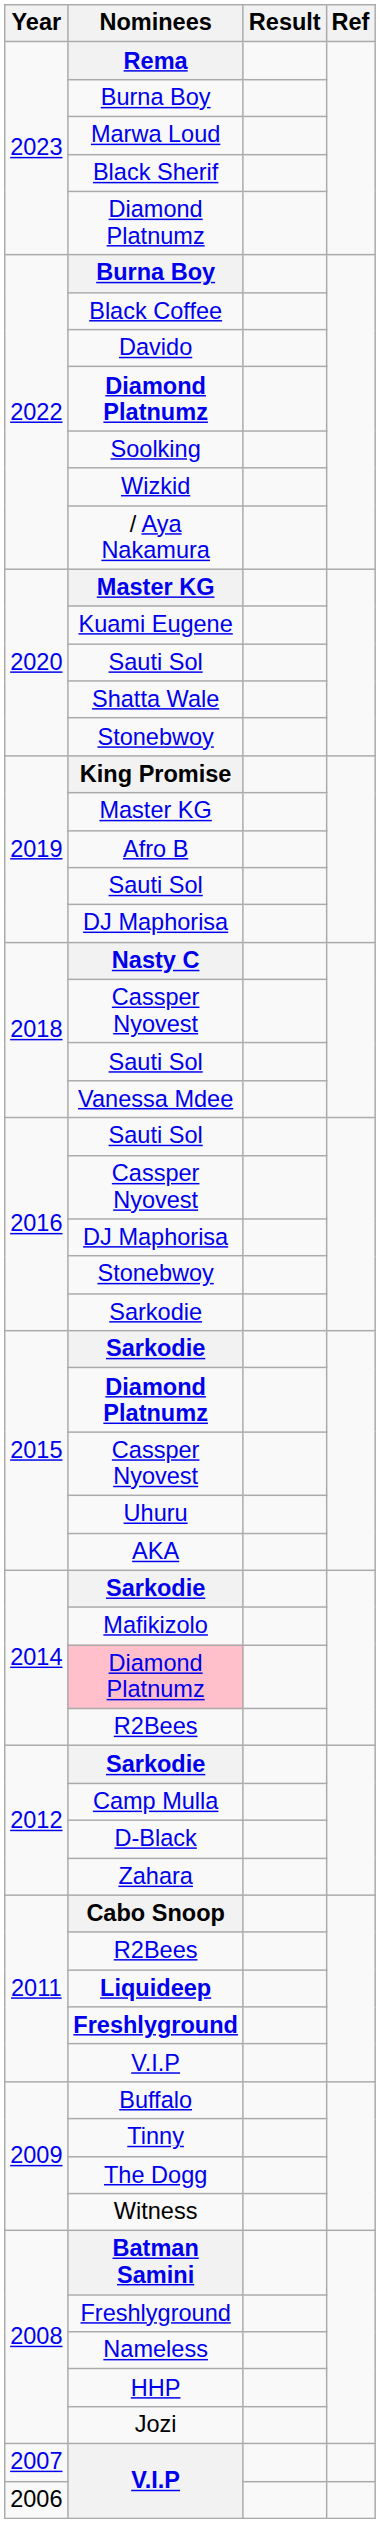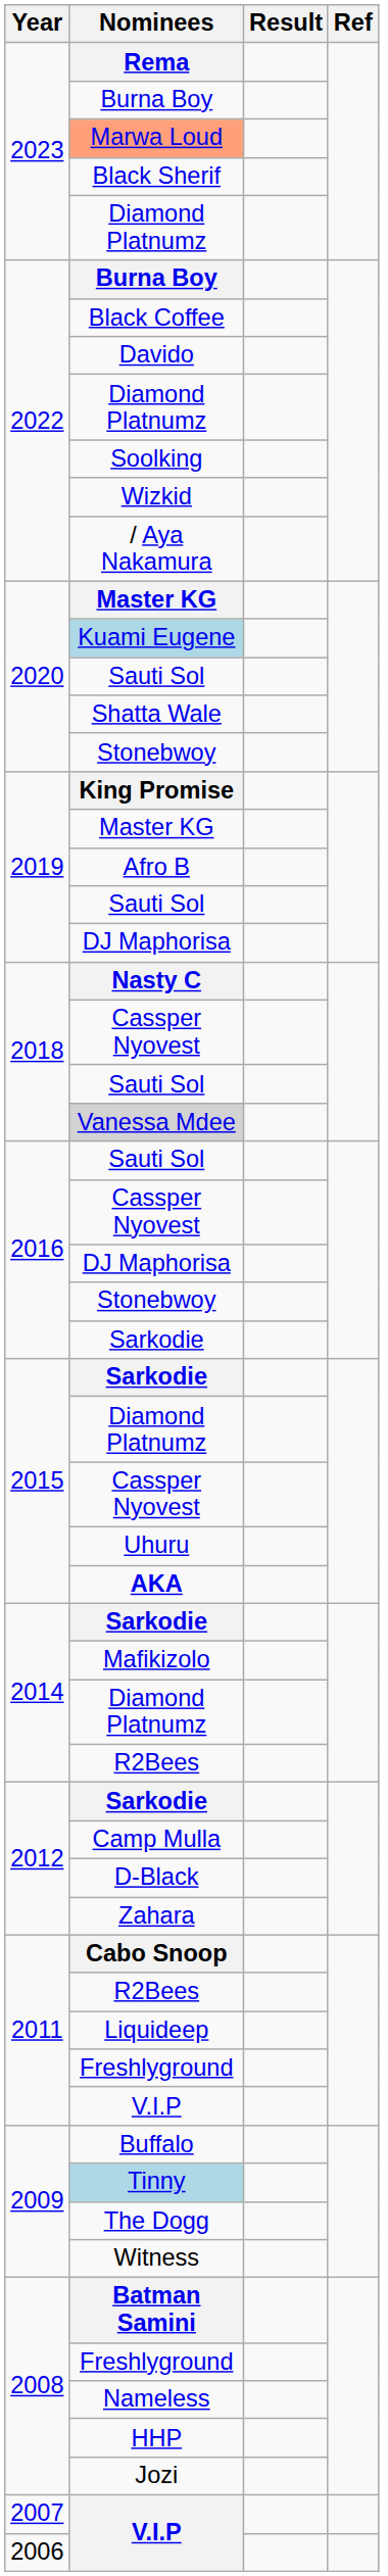 <table class="wikitable" style="text-align:center; width:40%;">
 <tr>
 <th>Year</th>
 <th>Nominees</th>
 <th>Result</th>
 <th>Ref</th>
 </tr>
 <tr>
 <td rowspan="5"><a href='#'>2023</a></td>
 <th> <a href='#'>Rema</a></th>
 <td></td>
 <td rowspan="5"></td>
 </tr>
 <tr>
 <td> <a href='#'>Burna Boy</a></td>
 <td></td>
 </tr>
 <tr>
-<td> <a href='#'>Marwa Loud</a></td>
+<td style="background: lightsalmon;"> <a href='#'>Marwa Loud</a></td>
 <td></td>
 </tr>
 <tr>
 <td> <a href='#'>Black Sherif</a></td>
 <td></td>
 </tr>
 <tr>
 <td> <a href='#'>Diamond Platnumz</a></td>
 <td></td>
 </tr>
 <tr>
 <td rowspan="7"><a href='#'>2022</a></td>
 <th> <a href='#'>Burna Boy</a></th>
 <td></td>
 <td rowspan="7"></td>
 </tr>
 <tr>
 <td> <a href='#'>Black Coffee</a></td>
 <td></td>
 </tr>
 <tr>
 <td> <a href='#'>Davido</a></td>
 <td></td>
 </tr>
 <tr>
-<td><strong> <a href='#'>Diamond Platnumz</a></strong></td>
+<td> <a href='#'>Diamond Platnumz</a></td>
 <td></td>
 </tr>
 <tr>
 <td> <a href='#'>Soolking</a></td>
 <td></td>
 </tr>
 <tr>
 <td> <a href='#'>Wizkid</a></td>
 <td></td>
 </tr>
 <tr>
 <td>/ <a href='#'>Aya Nakamura</a></td>
 <td></td>
 </tr>
 <tr>
 <td rowspan="5"><a href='#'>2020</a></td>
 <th> <a href='#'>Master KG</a></th>
 <td></td>
 <td rowspan="5"></td>
 </tr>
 <tr>
-<td> <a href='#'>Kuami Eugene</a></td>
+<td style="background: lightblue;"> <a href='#'>Kuami Eugene</a></td>
 <td></td>
 </tr>
 <tr>
 <td> <a href='#'>Sauti Sol</a></td>
 <td></td>
 </tr>
 <tr>
 <td> <a href='#'>Shatta Wale</a></td>
 <td></td>
 </tr>
 <tr>
 <td> <a href='#'>Stonebwoy</a></td>
 <td></td>
 </tr>
 <tr>
 <td rowspan="5"><a href='#'>2019</a></td>
 <th> King Promise</th>
 <td></td>
 <td rowspan="5"></td>
 </tr>
 <tr>
 <td> <a href='#'>Master KG</a></td>
 <td></td>
 </tr>
 <tr>
 <td> <a href='#'>Afro B</a></td>
 <td></td>
 </tr>
 <tr>
 <td> <a href='#'>Sauti Sol</a></td>
 <td></td>
 </tr>
 <tr>
 <td> <a href='#'>DJ Maphorisa</a></td>
 <td></td>
 </tr>
 <tr>
 <td rowspan="4"><a href='#'>2018</a></td>
 <th> <a href='#'>Nasty C</a></th>
 <td></td>
 <td rowspan="4"></td>
 </tr>
 <tr>
 <td> <a href='#'>Cassper Nyovest</a></td>
 <td></td>
 </tr>
 <tr>
 <td> <a href='#'>Sauti Sol</a></td>
 <td></td>
 </tr>
 <tr>
-<td> <a href='#'>Vanessa Mdee</a></td>
+<td style="background: lightgrey;"> <a href='#'>Vanessa Mdee</a></td>
 <td></td>
 </tr>
 <tr>
 <td rowspan="5"><a href='#'>2016</a></td>
 <td> <a href='#'>Sauti Sol</a></td>
 <td></td>
 <td rowspan="5"></td>
 </tr>
 <tr>
 <td> <a href='#'>Cassper Nyovest</a></td>
 <td></td>
 </tr>
 <tr>
 <td> <a href='#'>DJ Maphorisa</a></td>
 <td></td>
 </tr>
 <tr>
 <td> <a href='#'>Stonebwoy</a></td>
 <td></td>
 </tr>
 <tr>
 <td> <a href='#'>Sarkodie</a></td>
 <td></td>
 </tr>
 <tr>
 <td rowspan="5"><a href='#'>2015</a></td>
 <th> <a href='#'>Sarkodie</a></th>
 <td></td>
 <td rowspan="5"></td>
 </tr>
 <tr>
-<td><strong> <a href='#'>Diamond Platnumz</a></strong></td>
+<td> <a href='#'>Diamond Platnumz</a></td>
 <td></td>
 </tr>
 <tr>
 <td> <a href='#'>Cassper Nyovest</a></td>
 <td></td>
 </tr>
 <tr>
 <td> <a href='#'>Uhuru</a></td>
 <td></td>
 </tr>
 <tr>
-<td> <a href='#'>AKA</a></td>
+<td><strong> <a href='#'>AKA</a></strong></td>
 <td></td>
 </tr>
 <tr>
 <td rowspan="4"><a href='#'>2014</a></td>
 <th> <a href='#'>Sarkodie</a></th>
 <td></td>
 <td rowspan="4"></td>
 </tr>
 <tr>
 <td> <a href='#'>Mafikizolo</a></td>
 <td></td>
 </tr>
 <tr>
-<td style="background: pink;"> <a href='#'>Diamond Platnumz</a></td>
+<td> <a href='#'>Diamond Platnumz</a></td>
 <td></td>
 </tr>
 <tr>
 <td> <a href='#'>R2Bees</a></td>
 <td></td>
 </tr>
 <tr>
 <td rowspan="4"><a href='#'>2012</a></td>
 <th> <a href='#'>Sarkodie</a></th>
 <td></td>
 <td rowspan="4"></td>
 </tr>
 <tr>
 <td> <a href='#'>Camp Mulla</a></td>
 <td></td>
 </tr>
 <tr>
 <td> <a href='#'>D-Black</a></td>
 <td></td>
 </tr>
 <tr>
 <td> <a href='#'>Zahara</a></td>
 <td></td>
 </tr>
 <tr>
 <td rowspan="5"><a href='#'>2011</a></td>
 <th> Cabo Snoop</th>
 <td></td>
 <td rowspan="5"></td>
 </tr>
 <tr>
 <td> <a href='#'>R2Bees</a></td>
 <td></td>
 </tr>
 <tr>
-<td><strong> <a href='#'>Liquideep</a></strong></td>
+<td> <a href='#'>Liquideep</a></td>
 <td></td>
 </tr>
 <tr>
-<td><strong> <a href='#'>Freshlyground</a></strong></td>
+<td> <a href='#'>Freshlyground</a></td>
 <td></td>
 </tr>
 <tr>
 <td> <a href='#'>V.I.P</a></td>
 <td></td>
 </tr>
 <tr>
 <td rowspan="4"><a href='#'>2009</a></td>
 <td> <a href='#'>Buffalo</a></td>
 <td></td>
 <td rowspan="4"></td>
 </tr>
 <tr>
-<td> <a href='#'>Tinny</a></td>
+<td style="background: lightblue;"> <a href='#'>Tinny</a></td>
 <td></td>
 </tr>
 <tr>
 <td> <a href='#'>The Dogg</a></td>
 <td></td>
 </tr>
 <tr>
 <td> Witness</td>
 <td></td>
 </tr>
 <tr>
 <td rowspan="5"><a href='#'>2008</a></td>
 <th> <a href='#'>Batman Samini</a></th>
 <td></td>
 <td rowspan="5"></td>
 </tr>
 <tr>
 <td> <a href='#'>Freshlyground</a></td>
 <td></td>
 </tr>
 <tr>
 <td> <a href='#'>Nameless</a></td>
 <td></td>
 </tr>
 <tr>
 <td> <a href='#'>HHP</a></td>
 <td></td>
 </tr>
 <tr>
 <td> Jozi</td>
 <td></td>
 </tr>
 <tr>
 <td><a href='#'>2007</a></td>
 <th rowspan="2"> <a href='#'>V.I.P</a></th>
 <td></td>
 <td></td>
 </tr>
 <tr>
 <td>2006</td>
 <td></td>
 <td></td>
 </tr>
 </table>
